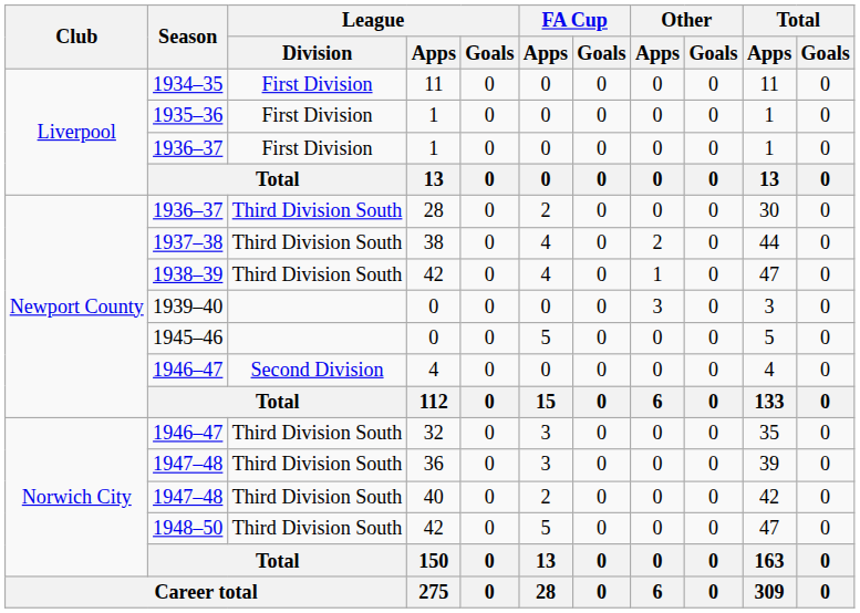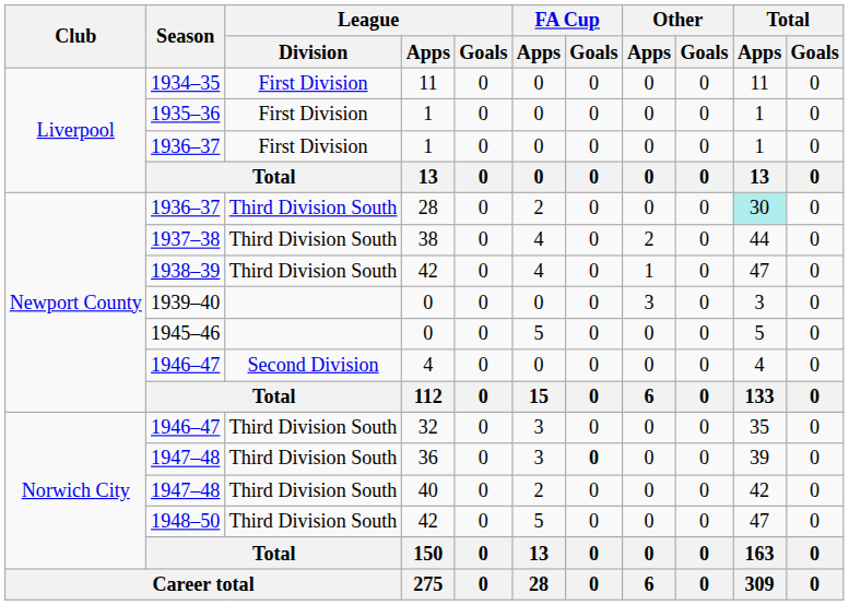 <table class="wikitable" style="text-align:center">
 <tr>
 <th rowspan="2">Club</th>
 <th rowspan="2">Season</th>
 <th colspan="3">League</th>
 <th colspan="2"><a href='#'>FA Cup</a></th>
 <th colspan="2">Other</th>
 <th colspan="2">Total</th>
 </tr>
 <tr>
 <th>Division</th>
 <th>Apps</th>
 <th>Goals</th>
 <th>Apps</th>
 <th>Goals</th>
 <th>Apps</th>
 <th>Goals</th>
 <th>Apps</th>
 <th>Goals</th>
 </tr>
 <tr>
 <td rowspan="4"><a href='#'>Liverpool</a></td>
 <td><a href='#'>1934–35</a></td>
 <td><a href='#'>First Division</a></td>
 <td>11</td>
 <td>0</td>
 <td>0</td>
 <td>0</td>
 <td>0</td>
 <td>0</td>
 <td>11</td>
 <td>0</td>
 </tr>
 <tr>
 <td><a href='#'>1935–36</a></td>
 <td>First Division</td>
 <td>1</td>
 <td>0</td>
 <td>0</td>
 <td>0</td>
 <td>0</td>
 <td>0</td>
 <td>1</td>
 <td>0</td>
 </tr>
 <tr>
 <td><a href='#'>1936–37</a></td>
 <td>First Division</td>
 <td>1</td>
 <td>0</td>
 <td>0</td>
 <td>0</td>
 <td>0</td>
 <td>0</td>
 <td>1</td>
 <td>0</td>
 </tr>
 <tr>
 <th colspan="2">Total</th>
 <th>13</th>
 <th>0</th>
 <th>0</th>
 <th>0</th>
 <th>0</th>
 <th>0</th>
 <th>13</th>
 <th>0</th>
 </tr>
 <tr>
 <td rowspan="7"><a href='#'>Newport County</a></td>
 <td><a href='#'>1936–37</a></td>
 <td><a href='#'>Third Division South</a></td>
 <td>28</td>
 <td>0</td>
 <td>2</td>
 <td>0</td>
 <td>0</td>
 <td>0</td>
-<td>30</td>
+<td style="background: paleturquoise;">30</td>
 <td>0</td>
 </tr>
 <tr>
 <td><a href='#'>1937–38</a></td>
 <td>Third Division South</td>
 <td>38</td>
 <td>0</td>
 <td>4</td>
 <td>0</td>
 <td>2</td>
 <td>0</td>
 <td>44</td>
 <td>0</td>
 </tr>
 <tr>
 <td><a href='#'>1938–39</a></td>
 <td>Third Division South</td>
 <td>42</td>
 <td>0</td>
 <td>4</td>
 <td>0</td>
 <td>1</td>
 <td>0</td>
 <td>47</td>
 <td>0</td>
 </tr>
 <tr>
 <td>1939–40</td>
 <td></td>
 <td>0</td>
 <td>0</td>
 <td>0</td>
 <td>0</td>
 <td>3</td>
 <td>0</td>
 <td>3</td>
 <td>0</td>
 </tr>
 <tr>
 <td>1945–46</td>
 <td></td>
 <td>0</td>
 <td>0</td>
 <td>5</td>
 <td>0</td>
 <td>0</td>
 <td>0</td>
 <td>5</td>
 <td>0</td>
 </tr>
 <tr>
 <td><a href='#'>1946–47</a></td>
 <td><a href='#'>Second Division</a></td>
 <td>4</td>
 <td>0</td>
 <td>0</td>
 <td>0</td>
 <td>0</td>
 <td>0</td>
 <td>4</td>
 <td>0</td>
 </tr>
 <tr>
 <th colspan="2">Total</th>
 <th>112</th>
 <th>0</th>
 <th>15</th>
 <th>0</th>
 <th>6</th>
 <th>0</th>
 <th>133</th>
 <th>0</th>
 </tr>
 <tr>
 <td rowspan="5"><a href='#'>Norwich City</a></td>
 <td><a href='#'>1946–47</a></td>
 <td>Third Division South</td>
 <td>32</td>
 <td>0</td>
 <td>3</td>
 <td>0</td>
 <td>0</td>
 <td>0</td>
 <td>35</td>
 <td>0</td>
 </tr>
 <tr>
 <td><a href='#'>1947–48</a></td>
 <td>Third Division South</td>
 <td>36</td>
 <td>0</td>
 <td>3</td>
-<td>0</td>
+<td><strong>0</strong></td>
 <td>0</td>
 <td>0</td>
 <td>39</td>
 <td>0</td>
 </tr>
 <tr>
 <td><a href='#'>1947–48</a></td>
 <td>Third Division South</td>
 <td>40</td>
 <td>0</td>
 <td>2</td>
 <td>0</td>
 <td>0</td>
 <td>0</td>
 <td>42</td>
 <td>0</td>
 </tr>
 <tr>
 <td><a href='#'>1948–50</a></td>
 <td>Third Division South</td>
 <td>42</td>
 <td>0</td>
 <td>5</td>
 <td>0</td>
 <td>0</td>
 <td>0</td>
 <td>47</td>
 <td>0</td>
 </tr>
 <tr>
 <th colspan="2">Total</th>
 <th>150</th>
 <th>0</th>
 <th>13</th>
 <th>0</th>
 <th>0</th>
 <th>0</th>
 <th>163</th>
 <th>0</th>
 </tr>
 <tr>
 <th colspan="3">Career total</th>
 <th>275</th>
 <th>0</th>
 <th>28</th>
 <th>0</th>
 <th>6</th>
 <th>0</th>
 <th>309</th>
 <th>0</th>
 </tr>
 </table>
